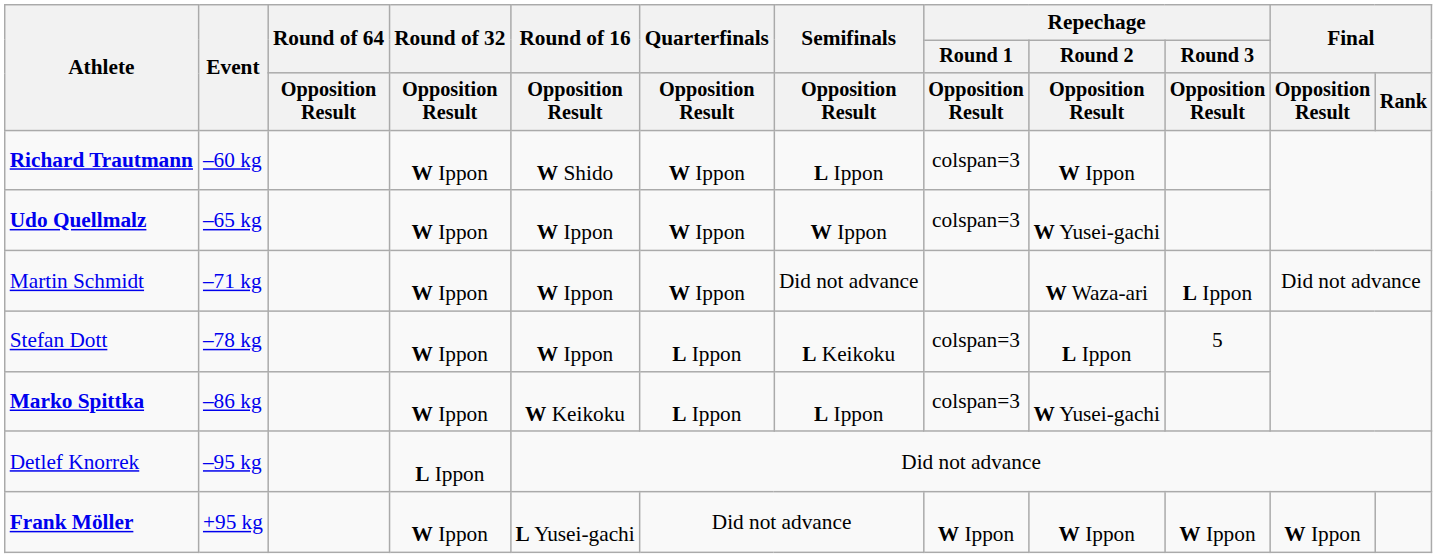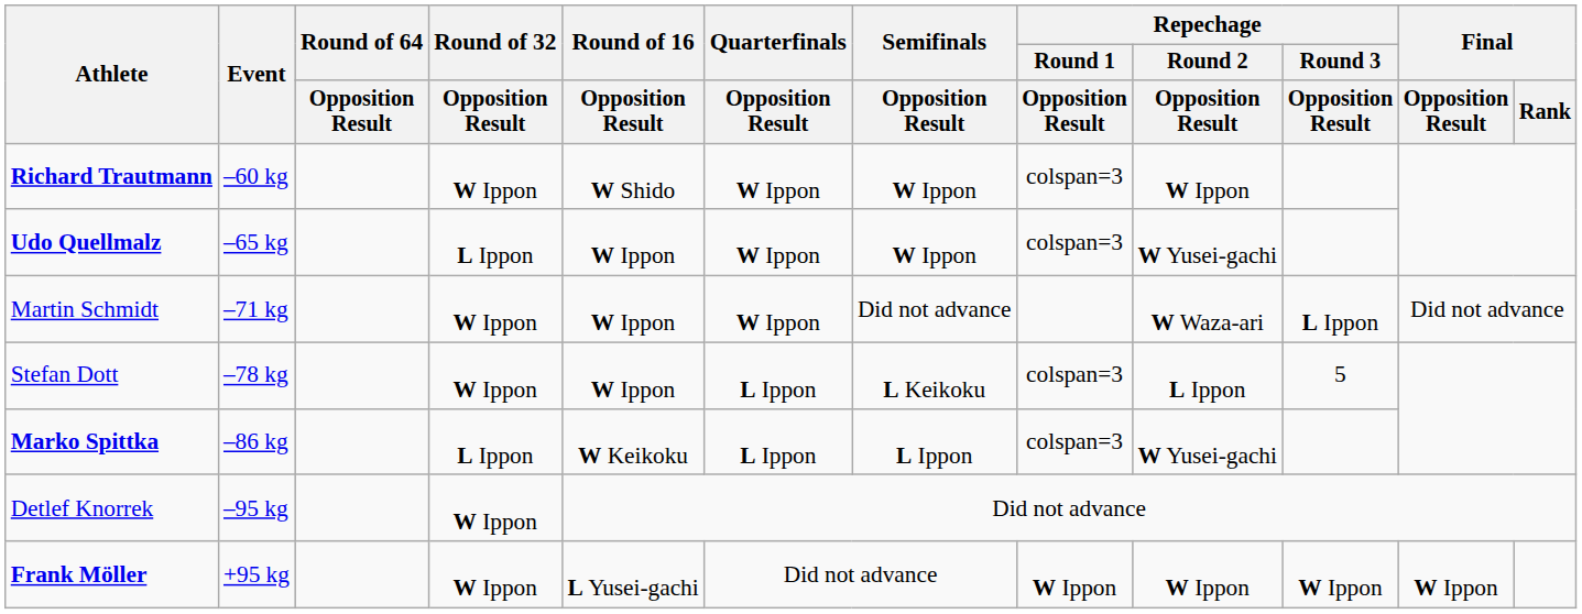 <table class="wikitable" style="font-size:90%">
 <tr>
 <th rowspan="3">Athlete</th>
 <th rowspan="3">Event</th>
 <th rowspan=2>Round of 64</th>
 <th rowspan=2>Round of 32</th>
 <th rowspan=2>Round of 16</th>
 <th rowspan=2>Quarterfinals</th>
 <th rowspan=2>Semifinals</th>
 <th colspan=3>Repechage</th>
 <th colspan=2 rowspan=2>Final</th>
 </tr>
 <tr style="font-size:95%">
 <th>Round 1</th>
 <th>Round 2</th>
 <th>Round 3</th>
 </tr>
 <tr style="font-size:95%">
 <th>Opposition<br>Result</th>
 <th>Opposition<br>Result</th>
 <th>Opposition<br>Result</th>
 <th>Opposition<br>Result</th>
 <th>Opposition<br>Result</th>
 <th>Opposition<br>Result</th>
 <th>Opposition<br>Result</th>
 <th>Opposition<br>Result</th>
 <th>Opposition<br>Result</th>
 <th>Rank</th>
 </tr>
 <tr align=center>
 <td align=left><strong><a href='#'>Richard Trautmann</a></strong></td>
 <td align=left><a href='#'>–60 kg</a></td>
 <td></td>
 <td><br><strong>W</strong> Ippon</td>
 <td><br><strong>W</strong> Shido</td>
 <td><br><strong>W</strong> Ippon</td>
-<td><br><strong>L</strong> Ippon</td>
+<td><br><strong>W</strong> Ippon</td>
 <td>colspan=3</td>
 <td><br><strong>W</strong> Ippon</td>
 <td></td>
 </tr>
 <tr align=center>
 <td align=left><strong><a href='#'>Udo Quellmalz</a></strong></td>
 <td align=left><a href='#'>–65 kg</a></td>
 <td></td>
-<td><br><strong>W</strong> Ippon</td>
+<td><br><strong>L</strong> Ippon</td>
 <td><br><strong>W</strong> Ippon</td>
 <td><br><strong>W</strong> Ippon</td>
 <td><br><strong>W</strong> Ippon</td>
 <td>colspan=3</td>
 <td><br><strong>W</strong> Yusei-gachi</td>
 <td></td>
 </tr>
 <tr align=center>
 <td align=left><a href='#'>Martin Schmidt</a></td>
 <td align=left><a href='#'>–71 kg</a></td>
 <td></td>
 <td><br><strong>W</strong> Ippon</td>
 <td><br><strong>W</strong> Ippon</td>
 <td><br><strong>W</strong> Ippon</td>
 <td>Did not advance</td>
 <td></td>
 <td><br><strong>W</strong> Waza-ari</td>
 <td><br><strong>L</strong> Ippon</td>
 <td colspan=3>Did not advance</td>
 </tr>
 <tr align=center>
 <td align=left><a href='#'>Stefan Dott</a></td>
 <td align=left><a href='#'>–78 kg</a></td>
 <td></td>
 <td><br><strong>W</strong> Ippon</td>
 <td><br><strong>W</strong> Ippon</td>
 <td><br><strong>L</strong> Ippon</td>
 <td><br><strong>L</strong> Keikoku</td>
 <td>colspan=3</td>
 <td><br><strong>L</strong> Ippon</td>
 <td>5</td>
 </tr>
 <tr align=center>
 <td align=left><strong><a href='#'>Marko Spittka</a></strong></td>
 <td align=left><a href='#'>–86 kg</a></td>
 <td></td>
-<td><br><strong>W</strong> Ippon</td>
+<td><br><strong>L</strong> Ippon</td>
 <td><br><strong>W</strong> Keikoku</td>
 <td><br><strong>L</strong> Ippon</td>
 <td><br><strong>L</strong> Ippon</td>
 <td>colspan=3</td>
 <td><br><strong>W</strong> Yusei-gachi</td>
 <td></td>
 </tr>
 <tr align=center>
 <td align=left><a href='#'>Detlef Knorrek</a></td>
 <td align=left><a href='#'>–95 kg</a></td>
 <td></td>
-<td><br><strong>L</strong> Ippon</td>
+<td><br><strong>W</strong> Ippon</td>
 <td colspan=8>Did not advance</td>
 </tr>
 <tr align=center>
 <td align=left><strong><a href='#'>Frank Möller</a></strong></td>
 <td align=left><a href='#'>+95 kg</a></td>
 <td></td>
 <td><br><strong>W</strong> Ippon</td>
 <td><br><strong>L</strong> Yusei-gachi</td>
 <td colspan=2>Did not advance</td>
 <td><br><strong>W</strong> Ippon</td>
 <td><br><strong>W</strong> Ippon</td>
 <td><br><strong>W</strong> Ippon</td>
 <td><br><strong>W</strong> Ippon</td>
 <td></td>
 </tr>
 </table>
